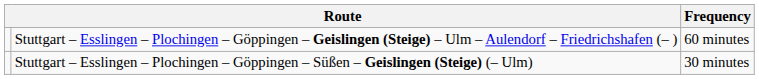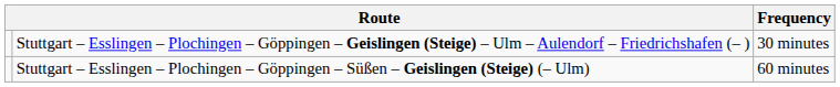 <table class="wikitable">
 <tr>
 <th colspan="2">Route</th>
 <th>Frequency</th>
 </tr>
 <tr>
 <td align="center"></td>
 <td>Stuttgart – <a href='#'>Esslingen</a> – <a href='#'>Plochingen</a> – Göppingen – <strong>Geislingen (Steige)</strong> – Ulm – <a href='#'>Aulendorf</a> – <a href='#'>Friedrichshafen</a> (– )</td>
-<td>60 minutes</td>
+<td>30 minutes</td>
 </tr>
 <tr>
 <td align="center"></td>
 <td>Stuttgart – Esslingen – Plochingen – Göppingen – Süßen – <strong>Geislingen (Steige)</strong> (– Ulm)</td>
-<td>30 minutes</td>
+<td>60 minutes</td>
 </tr>
 </table>
